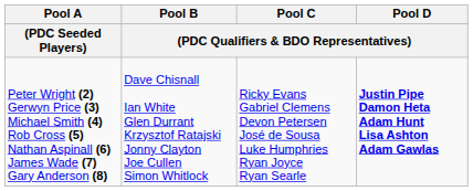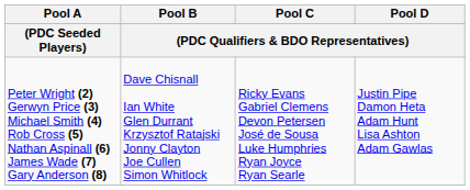 <table class="wikitable">
 <tr>
 <th width=220>Pool A</th>
 <th width=220>Pool B</th>
 <th width=220>Pool C</th>
 <th width=220>Pool D</th>
 </tr>
 <tr>
 <th>(PDC Seeded Players)</th>
 <th colspan=3>(PDC Qualifiers & BDO Representatives)</th>
 </tr>
 <tr>
 <td valign="top"><br><br>  <a href='#'>Peter Wright</a> <strong>(2)</strong><br>  <a href='#'>Gerwyn Price</a> <strong>(3)</strong><br>  <a href='#'>Michael Smith</a> <strong>(4)</strong><br>  <a href='#'>Rob Cross</a> <strong>(5)</strong><br>  <a href='#'>Nathan Aspinall</a> <strong>(6)</strong><br>  <a href='#'>James Wade</a> <strong>(7)</strong><br>  <a href='#'>Gary Anderson</a> <strong>(8)</strong></td>
 <td valign="top"><br> <a href='#'>Dave Chisnall</a> <br> <br>  <a href='#'>Ian White</a> <br>  <a href='#'>Glen Durrant</a><br>  <a href='#'>Krzysztof Ratajski</a> <br>  <a href='#'>Jonny Clayton</a><br>  <a href='#'>Joe Cullen</a><br>  <a href='#'>Simon Whitlock</a> <br></td>
 <td valign= "top"><br> <br>  <a href='#'>Ricky Evans</a> <br>  <a href='#'>Gabriel Clemens</a> <br>  <a href='#'>Devon Petersen</a><br>  <a href='#'>José de Sousa</a><br>  <a href='#'>Luke Humphries</a><br>  <a href='#'>Ryan Joyce</a> <br>  <a href='#'>Ryan Searle</a> <br></td>
-<td valign="top"><strong><br> <br>  <a href='#'>Justin Pipe</a> <br>  <a href='#'>Damon Heta</a><br>  <a href='#'>Adam Hunt</a> <br>  <a href='#'>Lisa Ashton</a><br>  <a href='#'>Adam Gawlas</a><br> <br> </strong></td>
+<td valign="top"><br> <br>  <a href='#'>Justin Pipe</a> <br>  <a href='#'>Damon Heta</a><br>  <a href='#'>Adam Hunt</a> <br>  <a href='#'>Lisa Ashton</a><br>  <a href='#'>Adam Gawlas</a><br> <br> </td>
 </tr>
 </table>
